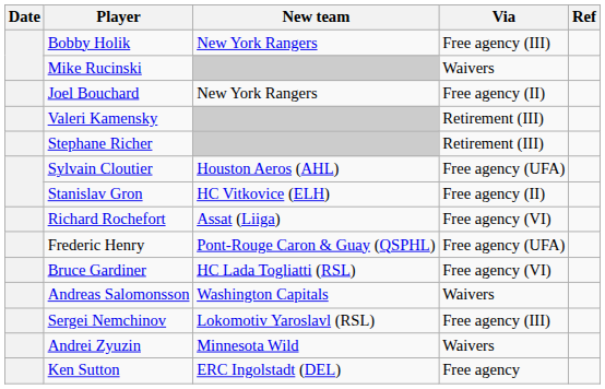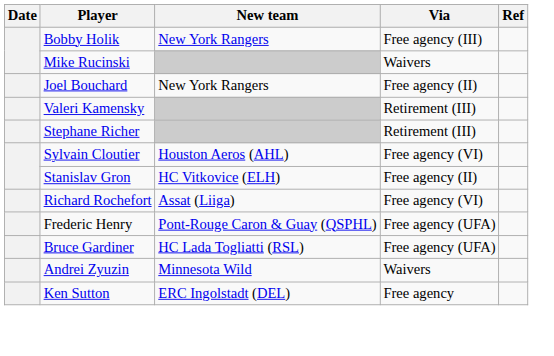 <table class="wikitable plainrowheaders">
 <tr style="background:#ddd; text-align:center;">
 <th>Date</th>
 <th>Player</th>
 <th>New team</th>
 <th>Via</th>
 <th>Ref</th>
 </tr>
 <tr>
 <th scope="row" rowspan=2></th>
 <td><a href='#'>Bobby Holik</a></td>
 <td><a href='#'>New York Rangers</a></td>
 <td>Free agency (III)</td>
 <td></td>
 </tr>
 <tr>
 <td><a href='#'>Mike Rucinski</a></td>
 <td style="background:#ccc"></td>
 <td>Waivers</td>
 <td></td>
 </tr>
 <tr>
 <th scope="row"></th>
 <td><a href='#'>Joel Bouchard</a></td>
 <td>New York Rangers</td>
 <td>Free agency (II)</td>
 <td></td>
 </tr>
 <tr>
 <th scope="row"></th>
 <td><a href='#'>Valeri Kamensky</a></td>
 <td style="background:#ccc"></td>
 <td>Retirement (III)</td>
 <td></td>
 </tr>
 <tr>
 <th scope="row"></th>
 <td><a href='#'>Stephane Richer</a></td>
 <td style="background:#ccc"></td>
 <td>Retirement (III)</td>
 <td></td>
 </tr>
 <tr>
 <th scope="row" rowspan=2></th>
 <td><a href='#'>Sylvain Cloutier</a></td>
 <td><a href='#'>Houston Aeros</a> (<a href='#'>AHL</a>)</td>
-<td>Free agency (UFA)</td>
+<td>Free agency (VI)</td>
 <td></td>
 </tr>
 <tr>
 <td><a href='#'>Stanislav Gron</a></td>
 <td><a href='#'>HC Vitkovice</a> (<a href='#'>ELH</a>)</td>
 <td>Free agency (II)</td>
 <td></td>
 </tr>
 <tr>
 <th scope="row"></th>
 <td><a href='#'>Richard Rochefort</a></td>
 <td><a href='#'>Assat</a> (<a href='#'>Liiga</a>)</td>
 <td>Free agency (VI)</td>
 <td></td>
 </tr>
 <tr>
 <th scope="row"></th>
 <td>Frederic Henry</td>
 <td><a href='#'>Pont-Rouge Caron & Guay</a> (<a href='#'>QSPHL</a>)</td>
 <td>Free agency (UFA)</td>
 <td></td>
 </tr>
 <tr>
 <th scope="row"></th>
 <td><a href='#'>Bruce Gardiner</a></td>
 <td><a href='#'>HC Lada Togliatti</a> (<a href='#'>RSL</a>)</td>
-<td>Free agency (VI)</td>
-<td></td>
-</tr>
-<tr>
-<th scope="row"></th>
-<td><a href='#'>Andreas Salomonsson</a></td>
-<td><a href='#'>Washington Capitals</a></td>
-<td>Waivers</td>
-<td></td>
-</tr>
-<tr>
-<th scope="row"></th>
-<td><a href='#'>Sergei Nemchinov</a></td>
-<td><a href='#'>Lokomotiv Yaroslavl</a> (RSL)</td>
-<td>Free agency (III)</td>
+<td>Free agency (UFA)</td>
 <td></td>
 </tr>
 <tr>
 <th scope="row"></th>
 <td><a href='#'>Andrei Zyuzin</a></td>
 <td><a href='#'>Minnesota Wild</a></td>
 <td>Waivers</td>
 <td></td>
 </tr>
 <tr>
 <th scope="row"></th>
 <td><a href='#'>Ken Sutton</a></td>
 <td><a href='#'>ERC Ingolstadt</a> (<a href='#'>DEL</a>)</td>
 <td>Free agency</td>
 <td></td>
 </tr>
 </table>
